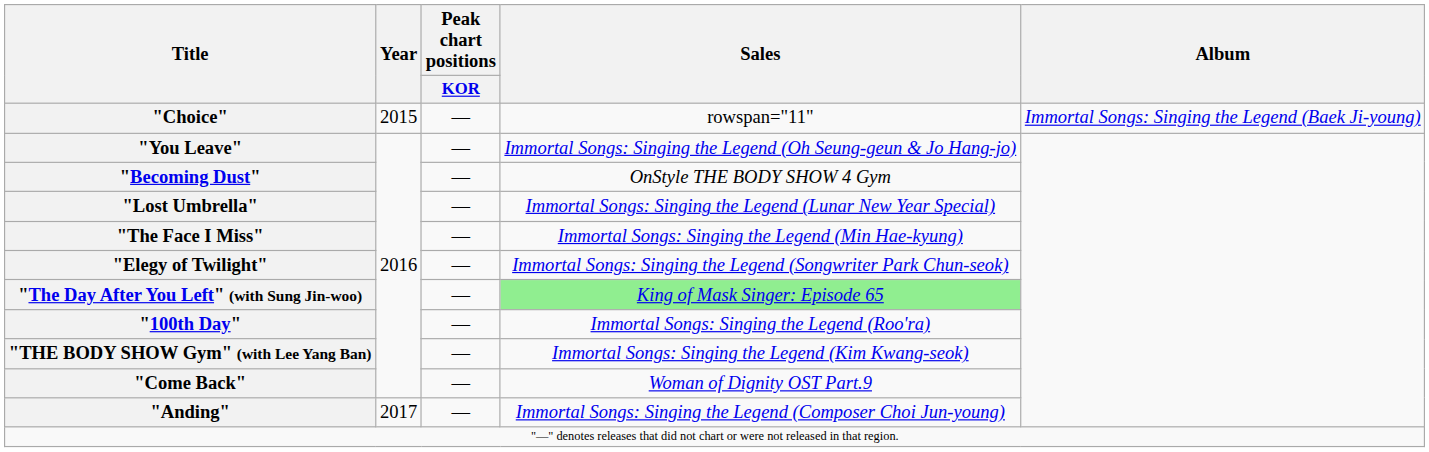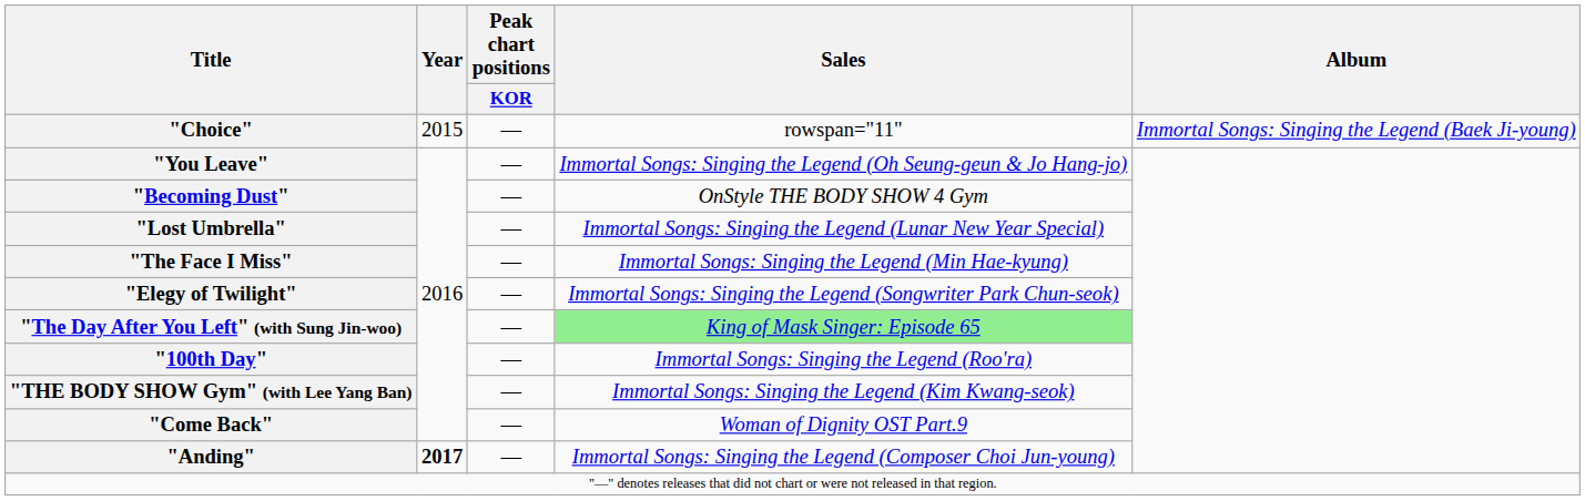 <table class="wikitable plainrowheaders" style="text-align:center">
 <tr>
 <th scope="col" rowspan="2">Title</th>
 <th scope="col" rowspan="2">Year</th>
 <th scope="col" colspan="1">Peak chart positions</th>
 <th scope="col" rowspan="2">Sales</th>
 <th scope="col" rowspan="2">Album</th>
 </tr>
 <tr>
 <th style="text-align:center; width:30px; font-size:90%;"><a href='#'>KOR</a><br></th>
 </tr>
 <tr>
 <th scope="row">"Choice"</th>
 <td>2015</td>
 <td>—</td>
 <td>rowspan="11" </td>
 <td><em><a href='#'>Immortal Songs: Singing the Legend (Baek Ji-young)</a></em></td>
 </tr>
 <tr>
 <th scope="row">"You Leave" </th>
 <td rowspan="9">2016</td>
 <td>—</td>
 <td><em><a href='#'>Immortal Songs: Singing the Legend (Oh Seung-geun & Jo Hang-jo)</a></em></td>
 </tr>
 <tr>
 <th scope="row">"<a href='#'>Becoming Dust</a>" </th>
 <td>—</td>
 <td><em>OnStyle THE BODY SHOW 4 Gym</em></td>
 </tr>
 <tr>
 <th scope="row">"Lost Umbrella" </th>
 <td>—</td>
 <td><em><a href='#'>Immortal Songs: Singing the Legend (Lunar New Year Special)</a></em></td>
 </tr>
 <tr>
 <th scope="row">"The Face I Miss" </th>
 <td>—</td>
 <td><em><a href='#'>Immortal Songs: Singing the Legend (Min Hae-kyung)</a></em></td>
 </tr>
 <tr>
 <th scope="row">"Elegy of Twilight" </th>
 <td>—</td>
 <td><em><a href='#'>Immortal Songs: Singing the Legend (Songwriter Park Chun-seok)</a></em></td>
 </tr>
 <tr>
 <th scope="row">"<a href='#'>The Day After You Left</a>"  <small>(with Sung Jin-woo)</small></th>
 <td>—</td>
 <td style="background: lightgreen;"><em><a href='#'>King of Mask Singer: Episode 65</a></em></td>
 </tr>
 <tr>
 <th scope="row">"<a href='#'>100th Day</a>" </th>
 <td>—</td>
 <td><em><a href='#'>Immortal Songs: Singing the Legend (Roo'ra)</a></em></td>
 </tr>
 <tr>
 <th scope="row">"THE BODY SHOW Gym"  <small>(with Lee Yang Ban)</small></th>
 <td>—</td>
 <td><em><a href='#'>Immortal Songs: Singing the Legend (Kim Kwang-seok)</a></em></td>
 </tr>
 <tr>
 <th scope="row">"Come Back" </th>
 <td>—</td>
 <td><em><a href='#'>Woman of Dignity OST Part.9</a></em></td>
 </tr>
 <tr>
 <th scope="row">"Anding"</th>
-<td>2017</td>
+<td><strong>2017</strong></td>
 <td>—</td>
 <td><em><a href='#'>Immortal Songs: Singing the Legend (Composer Choi Jun-young)</a></em></td>
 </tr>
 <tr>
 <td colspan="5" style="font-size:8pt;">"—" denotes releases that did not chart or were not released in that region.</td>
 </tr>
 </table>
